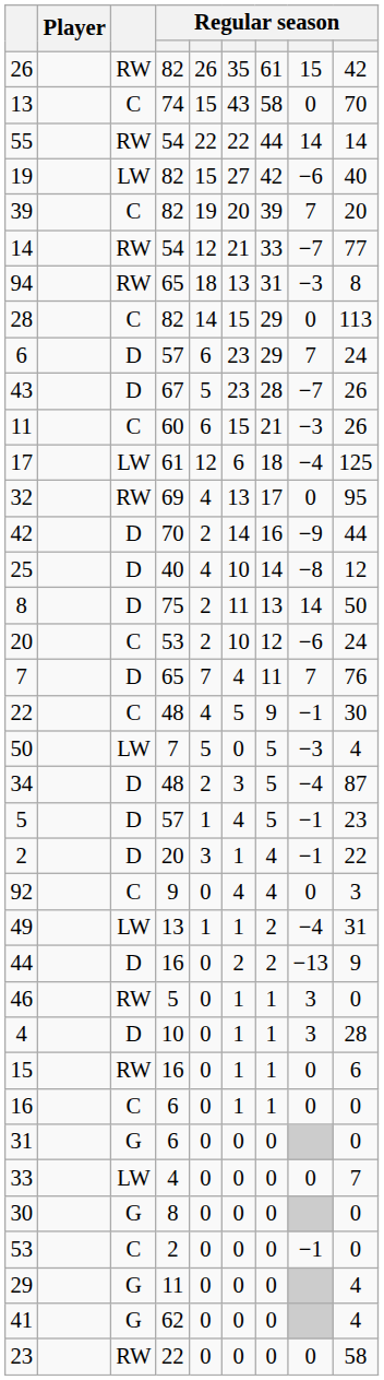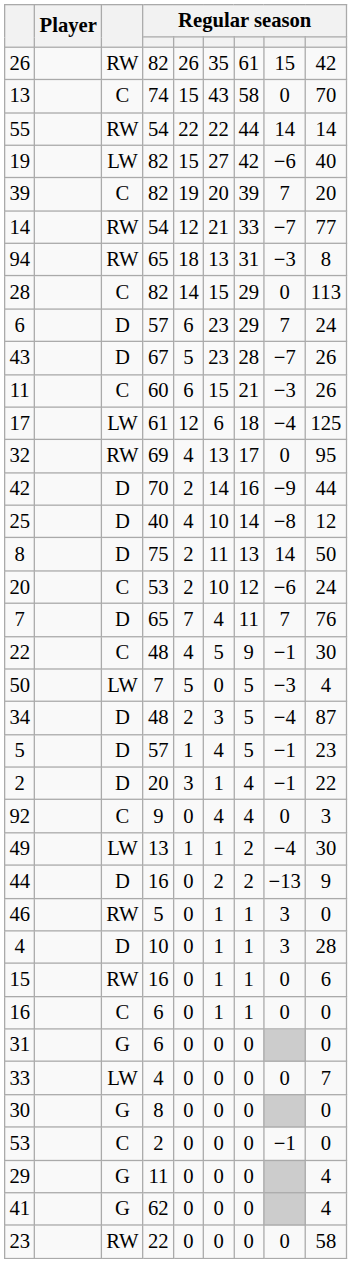 <table class="wikitable sortable plainrowheaders" style="text-align:center;">
 <tr>
 <th scope="col" data-sort-type="number" rowspan="2"></th>
 <th scope="col" rowspan="2">Player</th>
 <th scope="col" rowspan="2"></th>
 <th scope=colgroup colspan=6>Regular season</th>
 </tr>
 <tr>
 <th scope="col" data-sort-type="number"></th>
 <th scope="col" data-sort-type="number"></th>
 <th scope="col" data-sort-type="number"></th>
 <th scope="col" data-sort-type="number"></th>
 <th scope="col" data-sort-type="number"></th>
 <th scope="col" data-sort-type="number"></th>
 </tr>
 <tr>
 <td scope="row">26</td>
 <td align="left"></td>
 <td>RW</td>
 <td>82</td>
 <td>26</td>
 <td>35</td>
 <td>61</td>
 <td>15</td>
 <td>42</td>
 </tr>
 <tr>
 <td scope="row">13</td>
 <td align="left"></td>
 <td>C</td>
 <td>74</td>
 <td>15</td>
 <td>43</td>
 <td>58</td>
 <td>0</td>
 <td>70</td>
 </tr>
 <tr>
 <td scope="row">55</td>
 <td align="left"></td>
 <td>RW</td>
 <td>54</td>
 <td>22</td>
 <td>22</td>
 <td>44</td>
 <td>14</td>
 <td>14</td>
 </tr>
 <tr>
 <td scope="row">19</td>
 <td align="left"></td>
 <td>LW</td>
 <td>82</td>
 <td>15</td>
 <td>27</td>
 <td>42</td>
 <td>−6</td>
 <td>40</td>
 </tr>
 <tr>
 <td scope="row">39</td>
 <td align="left"></td>
 <td>C</td>
 <td>82</td>
 <td>19</td>
 <td>20</td>
 <td>39</td>
 <td>7</td>
 <td>20</td>
 </tr>
 <tr>
 <td scope="row">14</td>
 <td align="left"></td>
 <td>RW</td>
 <td>54</td>
 <td>12</td>
 <td>21</td>
 <td>33</td>
 <td>−7</td>
 <td>77</td>
 </tr>
 <tr>
 <td scope="row">94</td>
 <td align="left"></td>
 <td>RW</td>
 <td>65</td>
 <td>18</td>
 <td>13</td>
 <td>31</td>
 <td>−3</td>
 <td>8</td>
 </tr>
 <tr>
 <td scope="row">28</td>
 <td align="left"></td>
 <td>C</td>
 <td>82</td>
 <td>14</td>
 <td>15</td>
 <td>29</td>
 <td>0</td>
 <td>113</td>
 </tr>
 <tr>
 <td scope="row">6</td>
 <td align="left"></td>
 <td>D</td>
 <td>57</td>
 <td>6</td>
 <td>23</td>
 <td>29</td>
 <td>7</td>
 <td>24</td>
 </tr>
 <tr>
 <td scope="row">43</td>
 <td align="left"></td>
 <td>D</td>
 <td>67</td>
 <td>5</td>
 <td>23</td>
 <td>28</td>
 <td>−7</td>
 <td>26</td>
 </tr>
 <tr>
 <td scope="row">11</td>
 <td align="left"></td>
 <td>C</td>
 <td>60</td>
 <td>6</td>
 <td>15</td>
 <td>21</td>
 <td>−3</td>
 <td>26</td>
 </tr>
 <tr>
 <td scope="row">17</td>
 <td align="left"></td>
 <td>LW</td>
 <td>61</td>
 <td>12</td>
 <td>6</td>
 <td>18</td>
 <td>−4</td>
 <td>125</td>
 </tr>
 <tr>
 <td scope="row">32</td>
 <td align="left"></td>
 <td>RW</td>
 <td>69</td>
 <td>4</td>
 <td>13</td>
 <td>17</td>
 <td>0</td>
 <td>95</td>
 </tr>
 <tr>
 <td scope="row">42</td>
 <td align="left"></td>
 <td>D</td>
 <td>70</td>
 <td>2</td>
 <td>14</td>
 <td>16</td>
 <td>−9</td>
 <td>44</td>
 </tr>
 <tr>
 <td scope="row">25</td>
 <td align="left"></td>
 <td>D</td>
 <td>40</td>
 <td>4</td>
 <td>10</td>
 <td>14</td>
 <td>−8</td>
 <td>12</td>
 </tr>
 <tr>
 <td scope="row">8</td>
 <td align="left"></td>
 <td>D</td>
 <td>75</td>
 <td>2</td>
 <td>11</td>
 <td>13</td>
 <td>14</td>
 <td>50</td>
 </tr>
 <tr>
 <td scope="row">20</td>
 <td align="left"></td>
 <td>C</td>
 <td>53</td>
 <td>2</td>
 <td>10</td>
 <td>12</td>
 <td>−6</td>
 <td>24</td>
 </tr>
 <tr>
 <td scope="row">7</td>
 <td align="left"></td>
 <td>D</td>
 <td>65</td>
 <td>7</td>
 <td>4</td>
 <td>11</td>
 <td>7</td>
 <td>76</td>
 </tr>
 <tr>
 <td scope="row">22</td>
 <td align="left"></td>
 <td>C</td>
 <td>48</td>
 <td>4</td>
 <td>5</td>
 <td>9</td>
 <td>−1</td>
 <td>30</td>
 </tr>
 <tr>
 <td scope="row">50</td>
 <td align="left"></td>
 <td>LW</td>
 <td>7</td>
 <td>5</td>
 <td>0</td>
 <td>5</td>
 <td>−3</td>
 <td>4</td>
 </tr>
 <tr>
 <td scope="row">34</td>
 <td align="left"></td>
 <td>D</td>
 <td>48</td>
 <td>2</td>
 <td>3</td>
 <td>5</td>
 <td>−4</td>
 <td>87</td>
 </tr>
 <tr>
 <td scope="row">5</td>
 <td align="left"></td>
 <td>D</td>
 <td>57</td>
 <td>1</td>
 <td>4</td>
 <td>5</td>
 <td>−1</td>
 <td>23</td>
 </tr>
 <tr>
 <td scope="row">2</td>
 <td align="left"></td>
 <td>D</td>
 <td>20</td>
 <td>3</td>
 <td>1</td>
 <td>4</td>
 <td>−1</td>
 <td>22</td>
 </tr>
 <tr>
 <td scope="row">92</td>
 <td align="left"></td>
 <td>C</td>
 <td>9</td>
 <td>0</td>
 <td>4</td>
 <td>4</td>
 <td>0</td>
 <td>3</td>
 </tr>
 <tr>
 <td scope="row">49</td>
 <td align="left"></td>
 <td>LW</td>
 <td>13</td>
 <td>1</td>
 <td>1</td>
 <td>2</td>
 <td>−4</td>
-<td>31</td>
+<td>30</td>
 </tr>
 <tr>
 <td scope="row">44</td>
 <td align="left"></td>
 <td>D</td>
 <td>16</td>
 <td>0</td>
 <td>2</td>
 <td>2</td>
 <td>−13</td>
 <td>9</td>
 </tr>
 <tr>
 <td scope="row">46</td>
 <td align="left"></td>
 <td>RW</td>
 <td>5</td>
 <td>0</td>
 <td>1</td>
 <td>1</td>
 <td>3</td>
 <td>0</td>
 </tr>
 <tr>
 <td scope="row">4</td>
 <td align="left"></td>
 <td>D</td>
 <td>10</td>
 <td>0</td>
 <td>1</td>
 <td>1</td>
 <td>3</td>
 <td>28</td>
 </tr>
 <tr>
 <td scope="row">15</td>
 <td align="left"></td>
 <td>RW</td>
 <td>16</td>
 <td>0</td>
 <td>1</td>
 <td>1</td>
 <td>0</td>
 <td>6</td>
 </tr>
 <tr>
 <td scope="row">16</td>
 <td align="left"></td>
 <td>C</td>
 <td>6</td>
 <td>0</td>
 <td>1</td>
 <td>1</td>
 <td>0</td>
 <td>0</td>
 </tr>
 <tr>
 <td scope="row">31</td>
 <td align="left"></td>
 <td>G</td>
 <td>6</td>
 <td>0</td>
 <td>0</td>
 <td>0</td>
 <td style="background:#ccc"></td>
 <td>0</td>
 </tr>
 <tr>
 <td scope="row">33</td>
 <td align="left"></td>
 <td>LW</td>
 <td>4</td>
 <td>0</td>
 <td>0</td>
 <td>0</td>
 <td>0</td>
 <td>7</td>
 </tr>
 <tr>
 <td scope="row">30</td>
 <td align="left"></td>
 <td>G</td>
 <td>8</td>
 <td>0</td>
 <td>0</td>
 <td>0</td>
 <td style="background:#ccc"></td>
 <td>0</td>
 </tr>
 <tr>
 <td scope="row">53</td>
 <td align="left"></td>
 <td>C</td>
 <td>2</td>
 <td>0</td>
 <td>0</td>
 <td>0</td>
 <td>−1</td>
 <td>0</td>
 </tr>
 <tr>
 <td scope="row">29</td>
 <td align="left"></td>
 <td>G</td>
 <td>11</td>
 <td>0</td>
 <td>0</td>
 <td>0</td>
 <td style="background:#ccc"></td>
 <td>4</td>
 </tr>
 <tr>
 <td scope="row">41</td>
 <td align="left"></td>
 <td>G</td>
 <td>62</td>
 <td>0</td>
 <td>0</td>
 <td>0</td>
 <td style="background:#ccc"></td>
 <td>4</td>
 </tr>
 <tr>
 <td scope="row">23</td>
 <td align="left"></td>
 <td>RW</td>
 <td>22</td>
 <td>0</td>
 <td>0</td>
 <td>0</td>
 <td>0</td>
 <td>58</td>
 </tr>
 </table>
